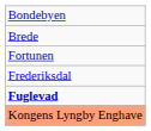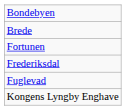 <table class="wikitable" style="float:left; margin-right:1em">
 <tr>
 <td><a href='#'>Bondebyen</a></td>
 </tr>
 <tr>
 <td><a href='#'>Brede</a></td>
 </tr>
 <tr>
 <td><a href='#'>Fortunen</a></td>
 </tr>
 <tr>
 <td><a href='#'>Frederiksdal</a></td>
 </tr>
 <tr>
-<td><strong><a href='#'>Fuglevad</a></strong></td>
+<td><a href='#'>Fuglevad</a></td>
 </tr>
 <tr>
-<td style="background: lightsalmon;">Kongens Lyngby Enghave</td>
+<td>Kongens Lyngby Enghave</td>
 </tr>
 </table>
